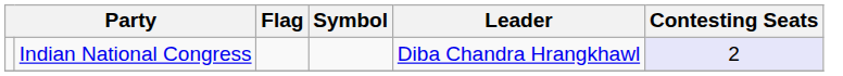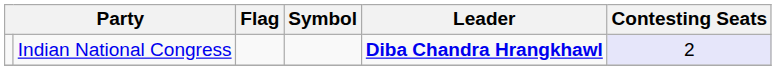 <table class="wikitable" style="text-align:center">
 <tr>
 <th colspan="2">Party</th>
 <th>Flag</th>
 <th>Symbol</th>
 <th>Leader</th>
 <th>Contesting Seats</th>
 </tr>
 <tr>
 <td></td>
 <td><a href='#'>Indian National Congress</a></td>
 <td></td>
 <td></td>
-<td><a href='#'>Diba Chandra Hrangkhawl</a></td>
+<td><strong><a href='#'>Diba Chandra Hrangkhawl</a></strong></td>
 <td style="background: lavender;">2</td>
 </tr>
 <tr>
 </tr>
 </table>
